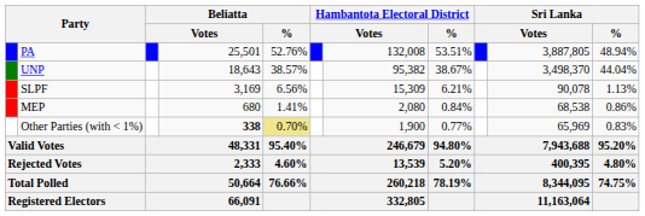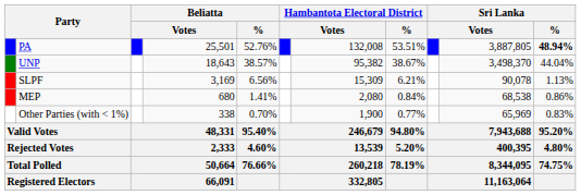 <table class="wikitable">
 <tr>
 <th colspan="2" width="144px"rowspan="2">Party</th>
 <th colspan="3" width="216px">Beliatta</th>
 <th colspan="3" width="216px"><a href='#'>Hambantota Electoral District</a></th>
 <th colspan="3" width="216px">Sri Lanka</th>
 </tr>
 <tr>
 <th colspan="2" width="144px">Votes</th>
 <th>%</th>
 <th colspan="2" width="144px">Votes</th>
 <th>%</th>
 <th colspan="2" width="144px">Votes</th>
 <th>%</th>
 </tr>
 <tr>
 <td style="background-color:blue;" width="10px"></td>
 <td style="text-align:left;"><a href='#'>PA</a></td>
 <td style="background-color:blue;" width="10px"></td>
 <td style="text-align:right;">25,501</td>
 <td style="text-align:right;">52.76%</td>
 <td style="background-color:blue;" width="10px"></td>
 <td style="text-align:right;">132,008</td>
 <td style="text-align:right;">53.51%</td>
 <td style="background-color:blue;" width="10px"></td>
 <td style="text-align:right;">3,887,805</td>
-<td style="text-align:right;">48.94%</td>
+<td style="text-align:right;"><strong>48.94%</strong></td>
 </tr>
 <tr>
 <td style="background-color:green;" width="10px"></td>
 <td style="text-align:left;"><a href='#'>UNP</a></td>
 <td style="background-color:white;" width="10px"></td>
 <td style="text-align:right;">18,643</td>
 <td style="text-align:right;">38.57%</td>
 <td style="background-color:white;" width="10px"></td>
 <td style="text-align:right;">95,382</td>
 <td style="text-align:right;">38.67%</td>
 <td style="background-color:white;" width="10px"></td>
 <td style="text-align:right;">3,498,370</td>
 <td style="text-align:right;">44.04%</td>
 </tr>
 <tr>
 <td style="background-color:red;" width="10px"></td>
 <td style="text-align:left;">SLPF</td>
 <td style="background-color:white;" width="10px"></td>
 <td style="text-align:right;">3,169</td>
 <td style="text-align:right;">6.56%</td>
 <td style="background-color:white;" width="10px"></td>
 <td style="text-align:right;">15,309</td>
 <td style="text-align:right;">6.21%</td>
 <td style="background-color:white;" width="10px"></td>
 <td style="text-align:right;">90,078</td>
 <td style="text-align:right;">1.13%</td>
 </tr>
 <tr>
 <td style="background-color:red;" width="10px"></td>
 <td style="text-align:left;">MEP</td>
 <td style="background-color:white;" width="10px"></td>
 <td style="text-align:right;">680</td>
 <td style="text-align:right;">1.41%</td>
 <td style="background-color:white;" width="10px"></td>
 <td style="text-align:right;">2,080</td>
 <td style="text-align:right;">0.84%</td>
 <td style="background-color:white;" width="10px"></td>
 <td style="text-align:right;">68,538</td>
 <td style="text-align:right;">0.86%</td>
 </tr>
 <tr>
 <td style="background-color:white;" width="10px"></td>
 <td style="text-align:left;">Other Parties (with < 1%)</td>
 <td style="background-color:white;" width="10px"></td>
-<td style="text-align:right;"><strong>338</strong></td>
-<td style="background: khaki; text-align:right;">0.70%</td>
+<td style="text-align:right;">338</td>
+<td style="text-align:right;">0.70%</td>
 <td style="background-color:white;" width="10px"></td>
 <td style="text-align:right;">1,900</td>
 <td style="text-align:right;">0.77%</td>
 <td style="background-color:white;" width="10px"></td>
 <td style="text-align:right;">65,969</td>
 <td style="text-align:right;">0.83%</td>
 </tr>
 <tr>
 <th colspan="2" width="144px"style="text-align:left;">Valid Votes</th>
 <th style="text-align:right;"colspan="2" width="144px">48,331</th>
 <th style="text-align:right;">95.40%</th>
 <th style="text-align:right;"colspan="2" width="144px">246,679</th>
 <th style="text-align:right;">94.80%</th>
 <th style="text-align:right;"colspan="2" width="144px">7,943,688</th>
 <th style="text-align:right;">95.20%</th>
 </tr>
 <tr>
 <th colspan="2" width="144px"style="text-align:left;">Rejected Votes</th>
 <th style="text-align:right;"colspan="2" width="144px">2,333</th>
 <th style="text-align:right;">4.60%</th>
 <th style="text-align:right;"colspan="2" width="144px">13,539</th>
 <th style="text-align:right;">5.20%</th>
 <th style="text-align:right;"colspan="2" width="144px">400,395</th>
 <th style="text-align:right;">4.80%</th>
 </tr>
 <tr>
 <th colspan="2" width="144px"style="text-align:left;">Total Polled</th>
 <th style="text-align:right;"colspan="2" width="144px">50,664</th>
 <th style="text-align:right;">76.66%</th>
 <th style="text-align:right;"colspan="2" width="144px">260,218</th>
 <th style="text-align:right;">78.19%</th>
 <th style="text-align:right;"colspan="2" width="144px">8,344,095</th>
 <th style="text-align:right;">74.75%</th>
 </tr>
 <tr>
 <th colspan="2" width="144px"style="text-align:left;">Registered Electors</th>
 <th style="text-align:right;"colspan="2" width="144px">66,091</th>
 <th></th>
 <th style="text-align:right;"colspan="2" width="144px">332,805</th>
 <th></th>
 <th style="text-align:right;"colspan="2" width="144px">11,163,064</th>
 <th></th>
 </tr>
 </table>
